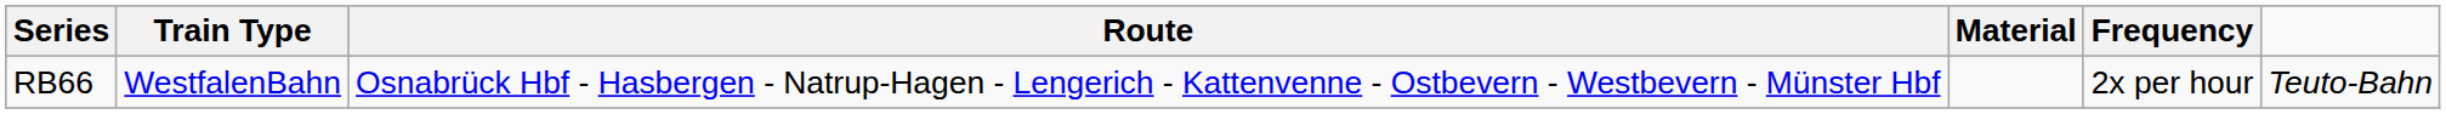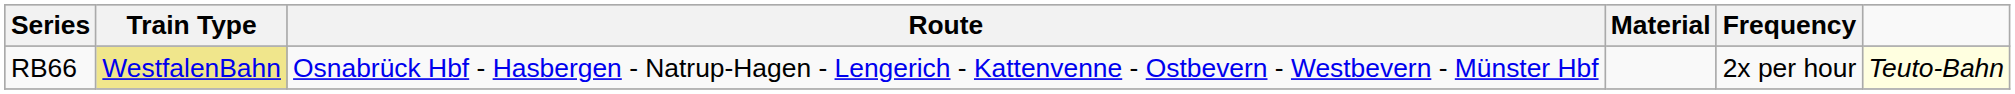 <table class="wikitable vatop">
 <tr>
 <th>Series</th>
 <th>Train Type</th>
 <th>Route</th>
 <th>Material</th>
 <th>Frequency</th>
 </tr>
 <tr>
 <td>RB66</td>
-<td><a href='#'>WestfalenBahn</a></td>
+<td style="background: khaki;"><a href='#'>WestfalenBahn</a></td>
 <td><a href='#'>Osnabrück Hbf</a> - <a href='#'>Hasbergen</a> - Natrup-Hagen - <a href='#'>Lengerich</a> - <a href='#'>Kattenvenne</a> - <a href='#'>Ostbevern</a> - <a href='#'>Westbevern</a> - <a href='#'>Münster Hbf</a></td>
 <td></td>
 <td>2x per hour</td>
-<td><em>Teuto-Bahn</em></td>
+<td style="background: lightyellow;"><em>Teuto-Bahn</em></td>
 </tr>
 </table>
